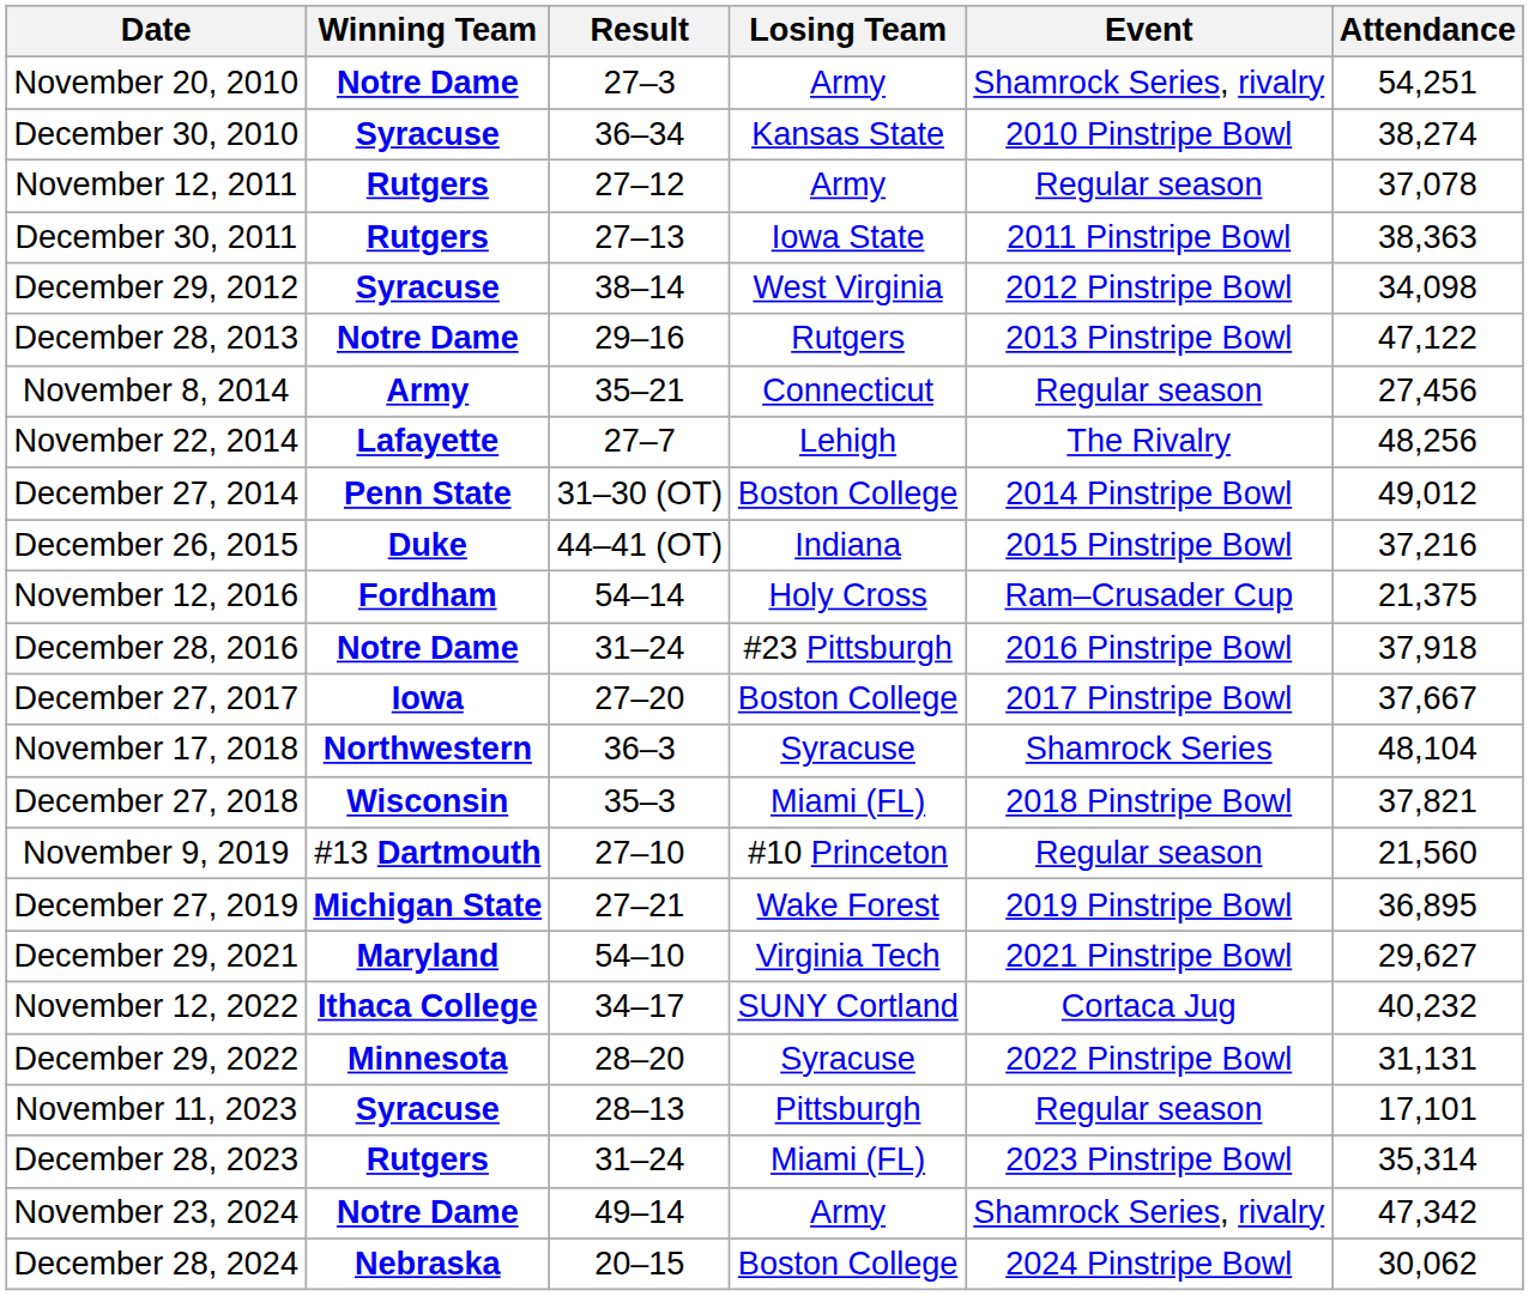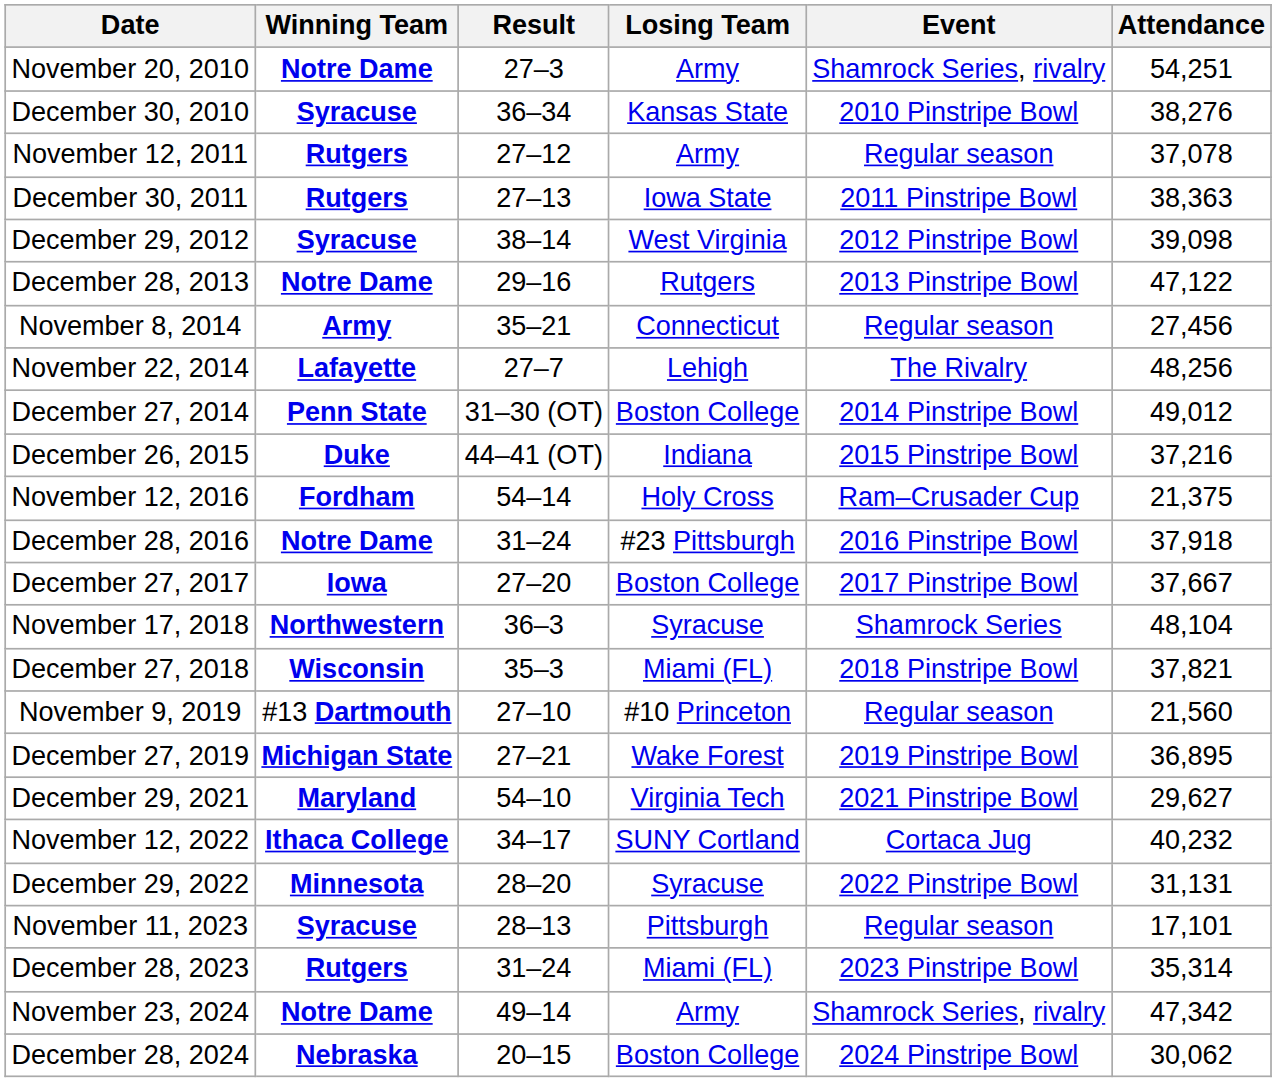 <table class="wikitable" align=center style="margin-left:15px; text-align:center; background:#ffffff;">
 <tr>
 <th style="text-align:center; ">Date</th>
 <th style="text-align:center; ">Winning Team</th>
 <th style="text-align:center; ">Result</th>
 <th style="text-align:center; ">Losing Team</th>
 <th style="text-align:center; ">Event</th>
 <th style="text-align:center; ">Attendance</th>
 </tr>
 <tr>
 <td>November 20, 2010</td>
 <td><strong><a href='#'>Notre Dame</a></strong></td>
 <td>27–3</td>
 <td><a href='#'>Army</a></td>
 <td><a href='#'>Shamrock Series</a>, <a href='#'>rivalry</a></td>
 <td>54,251</td>
 </tr>
 <tr>
 <td>December 30, 2010</td>
 <td><strong><a href='#'>Syracuse</a></strong></td>
 <td>36–34</td>
 <td><a href='#'>Kansas State</a></td>
 <td><a href='#'>2010 Pinstripe Bowl</a></td>
-<td>38,274</td>
+<td>38,276</td>
 </tr>
 <tr>
 <td>November 12, 2011</td>
 <td><strong><a href='#'>Rutgers</a></strong></td>
 <td>27–12</td>
 <td><a href='#'>Army</a></td>
 <td><a href='#'>Regular season</a></td>
 <td>37,078</td>
 </tr>
 <tr>
 <td>December 30, 2011</td>
 <td><strong><a href='#'>Rutgers</a></strong></td>
 <td>27–13</td>
 <td><a href='#'>Iowa State</a></td>
 <td><a href='#'>2011 Pinstripe Bowl</a></td>
 <td>38,363</td>
 </tr>
 <tr>
 <td>December 29, 2012</td>
 <td><strong><a href='#'>Syracuse</a></strong></td>
 <td>38–14</td>
 <td><a href='#'>West Virginia</a></td>
 <td><a href='#'>2012 Pinstripe Bowl</a></td>
-<td>34,098</td>
+<td>39,098</td>
 </tr>
 <tr>
 <td>December 28, 2013</td>
 <td><strong><a href='#'>Notre Dame</a></strong></td>
 <td>29–16</td>
 <td><a href='#'>Rutgers</a></td>
 <td><a href='#'>2013 Pinstripe Bowl</a></td>
 <td>47,122</td>
 </tr>
 <tr>
 <td>November 8, 2014</td>
 <td><strong><a href='#'>Army</a></strong></td>
 <td>35–21</td>
 <td><a href='#'>Connecticut</a></td>
 <td><a href='#'>Regular season</a></td>
 <td>27,456</td>
 </tr>
 <tr>
 <td>November 22, 2014</td>
 <td><strong><a href='#'>Lafayette</a></strong></td>
 <td>27–7</td>
 <td><a href='#'>Lehigh</a></td>
 <td><a href='#'>The Rivalry</a></td>
 <td>48,256</td>
 </tr>
 <tr>
 <td>December 27, 2014</td>
 <td><strong><a href='#'>Penn State</a></strong></td>
 <td>31–30 (OT)</td>
 <td><a href='#'>Boston College</a></td>
 <td><a href='#'>2014 Pinstripe Bowl</a></td>
 <td>49,012</td>
 </tr>
 <tr>
 <td>December 26, 2015</td>
 <td><strong><a href='#'>Duke</a></strong></td>
 <td>44–41 (OT)</td>
 <td><a href='#'>Indiana</a></td>
 <td><a href='#'>2015 Pinstripe Bowl</a></td>
 <td>37,216</td>
 </tr>
 <tr>
 <td>November 12, 2016</td>
 <td><strong><a href='#'>Fordham</a></strong></td>
 <td>54–14</td>
 <td><a href='#'>Holy Cross</a></td>
 <td><a href='#'>Ram–Crusader Cup</a></td>
 <td>21,375</td>
 </tr>
 <tr>
 <td>December 28, 2016</td>
 <td><strong><a href='#'>Notre Dame</a></strong></td>
 <td>31–24</td>
 <td>#23 <a href='#'>Pittsburgh</a></td>
 <td><a href='#'>2016 Pinstripe Bowl</a></td>
 <td>37,918</td>
 </tr>
 <tr>
 <td>December 27, 2017</td>
 <td><strong><a href='#'>Iowa</a></strong></td>
 <td>27–20</td>
 <td><a href='#'>Boston College</a></td>
 <td><a href='#'>2017 Pinstripe Bowl</a></td>
 <td>37,667</td>
 </tr>
 <tr>
 <td>November 17, 2018</td>
 <td><strong><a href='#'>Northwestern</a></strong></td>
 <td>36–3</td>
 <td><a href='#'>Syracuse</a></td>
 <td><a href='#'>Shamrock Series</a></td>
 <td>48,104</td>
 </tr>
 <tr>
 <td>December 27, 2018</td>
 <td><strong><a href='#'>Wisconsin</a></strong></td>
 <td>35–3</td>
 <td><a href='#'>Miami (FL)</a></td>
 <td><a href='#'>2018 Pinstripe Bowl</a></td>
 <td>37,821</td>
 </tr>
 <tr>
 <td>November 9, 2019</td>
 <td>#13 <strong><a href='#'>Dartmouth</a></strong></td>
 <td>27–10</td>
 <td>#10 <a href='#'>Princeton</a></td>
 <td><a href='#'>Regular season</a></td>
 <td>21,560</td>
 </tr>
 <tr>
 <td>December 27, 2019</td>
 <td><strong><a href='#'>Michigan State</a></strong></td>
 <td>27–21</td>
 <td><a href='#'>Wake Forest</a></td>
 <td><a href='#'>2019 Pinstripe Bowl</a></td>
 <td>36,895</td>
 </tr>
 <tr>
 <td>December 29, 2021</td>
 <td><strong><a href='#'>Maryland</a></strong></td>
 <td>54–10</td>
 <td><a href='#'>Virginia Tech</a></td>
 <td><a href='#'>2021 Pinstripe Bowl</a></td>
 <td>29,627</td>
 </tr>
 <tr>
 <td>November 12, 2022</td>
 <td><strong><a href='#'>Ithaca College</a></strong></td>
 <td>34–17</td>
 <td><a href='#'>SUNY Cortland</a></td>
 <td><a href='#'>Cortaca Jug</a></td>
 <td>40,232</td>
 </tr>
 <tr>
 <td>December 29, 2022</td>
 <td><strong><a href='#'>Minnesota</a></strong></td>
 <td>28–20</td>
 <td><a href='#'>Syracuse</a></td>
 <td><a href='#'>2022 Pinstripe Bowl</a></td>
 <td>31,131</td>
 </tr>
 <tr>
 <td>November 11, 2023</td>
 <td><strong><a href='#'>Syracuse</a></strong></td>
 <td>28–13</td>
 <td><a href='#'>Pittsburgh</a></td>
 <td><a href='#'>Regular season</a></td>
 <td>17,101</td>
 </tr>
 <tr>
 <td>December 28, 2023</td>
 <td><strong><a href='#'>Rutgers</a></strong></td>
 <td>31–24</td>
 <td><a href='#'>Miami (FL)</a></td>
 <td><a href='#'>2023 Pinstripe Bowl</a></td>
 <td>35,314</td>
 </tr>
 <tr>
 <td>November 23, 2024</td>
 <td><strong><a href='#'>Notre Dame</a></strong></td>
 <td>49–14</td>
 <td><a href='#'>Army</a></td>
 <td><a href='#'>Shamrock Series</a>, <a href='#'>rivalry</a></td>
 <td>47,342</td>
 </tr>
 <tr>
 <td>December 28, 2024</td>
 <td><strong><a href='#'>Nebraska</a></strong></td>
 <td>20–15</td>
 <td><a href='#'>Boston College</a></td>
 <td><a href='#'>2024 Pinstripe Bowl</a></td>
 <td>30,062</td>
 </tr>
 </table>
